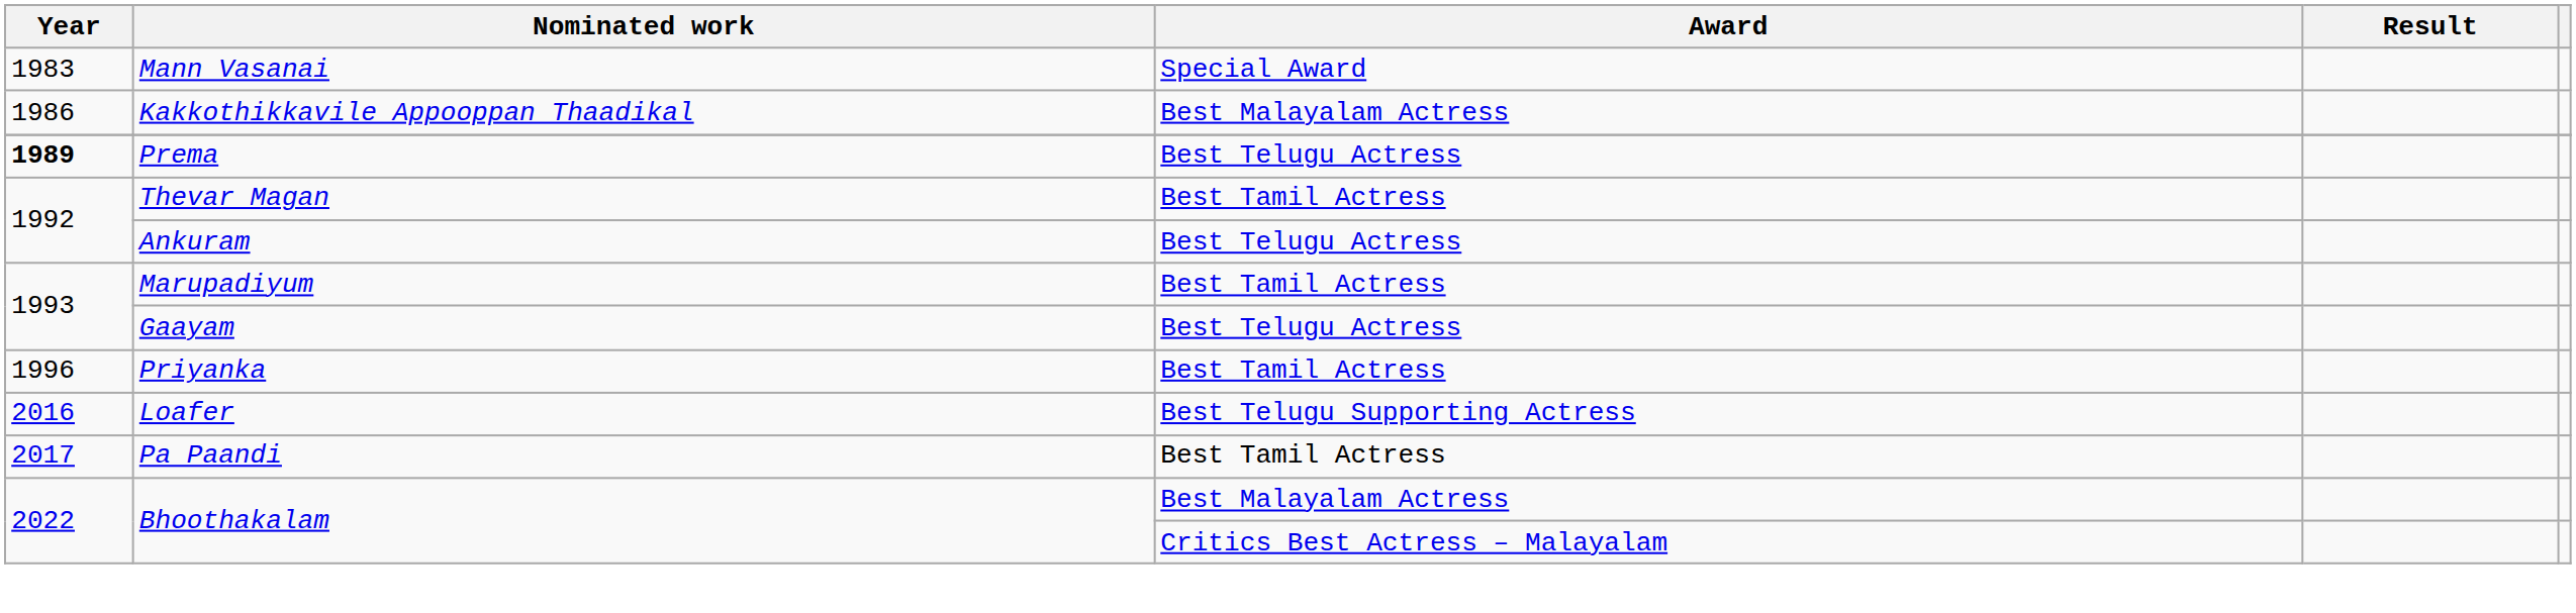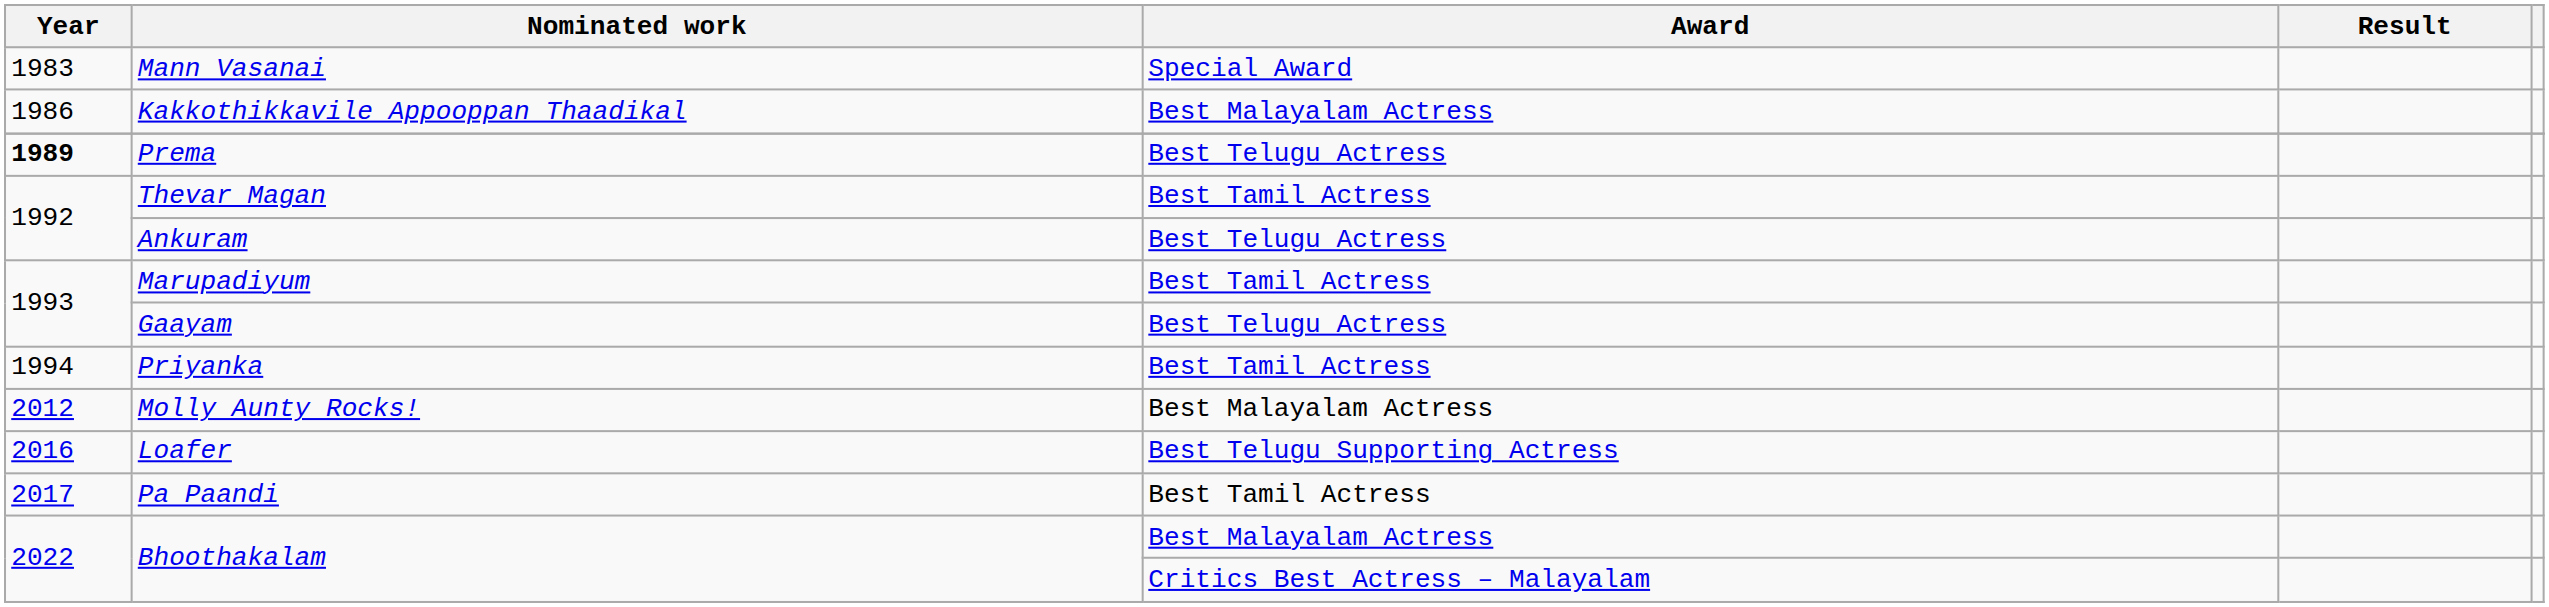 <table class="wikitable" width=100%>
 <tr>
 <th width=5%>Year</th>
 <th width=40%>Nominated work</th>
 <th width=45%>Award</th>
 <th width=10%>Result</th>
 <th width="3%"></th>
 </tr>
 <tr>
 <td>1983</td>
 <td><em><a href='#'>Mann Vasanai</a></em></td>
 <td><a href='#'>Special Award</a></td>
 <td></td>
 <td></td>
 </tr>
 <tr>
 <td>1986</td>
 <td><em><a href='#'>Kakkothikkavile Appooppan Thaadikal</a></em></td>
 <td><a href='#'>Best Malayalam Actress</a></td>
 <td></td>
 <td></td>
 </tr>
 <tr>
 </tr>
 <tr>
 <td><strong>1989</strong></td>
 <td><em><a href='#'>Prema</a></em></td>
 <td><a href='#'>Best Telugu Actress</a></td>
 <td></td>
 <td></td>
 </tr>
 <tr>
 <td rowspan="2">1992</td>
 <td><em><a href='#'>Thevar Magan</a></em></td>
 <td><a href='#'>Best Tamil Actress</a></td>
 <td></td>
 <td></td>
 </tr>
 <tr>
 <td><em><a href='#'>Ankuram</a></em></td>
 <td><a href='#'>Best Telugu Actress</a></td>
 <td></td>
 <td></td>
 </tr>
 <tr>
 <td rowspan="2">1993</td>
 <td><em><a href='#'>Marupadiyum</a></em></td>
 <td><a href='#'>Best Tamil Actress</a></td>
 <td></td>
 <td></td>
 </tr>
 <tr>
 <td><em><a href='#'>Gaayam</a></em></td>
 <td><a href='#'>Best Telugu Actress</a></td>
 <td></td>
 <td></td>
 </tr>
 <tr>
-<td>1996</td>
+<td>1994</td>
 <td><em><a href='#'>Priyanka</a></em></td>
 <td><a href='#'>Best Tamil Actress</a></td>
+<td></td>
+<td></td>
+</tr>
+<tr>
+<td><a href='#'>2012</a></td>
+<td><em><a href='#'>Molly Aunty Rocks!</a></em></td>
+<td>Best Malayalam Actress</td>
 <td></td>
 <td></td>
 </tr>
 <tr>
 <td><a href='#'>2016</a></td>
 <td><em><a href='#'>Loafer</a></em></td>
 <td><a href='#'>Best Telugu Supporting Actress</a></td>
 <td></td>
 <td></td>
 </tr>
 <tr>
 <td><a href='#'>2017</a></td>
 <td><em><a href='#'>Pa Paandi</a></em></td>
 <td>Best Tamil Actress</td>
 <td></td>
 <td></td>
 </tr>
 <tr>
 <td rowspan="2"><a href='#'>2022</a></td>
 <td rowspan="2"><em><a href='#'>Bhoothakalam</a></em></td>
 <td><a href='#'>Best Malayalam Actress</a></td>
 <td></td>
 <td></td>
 </tr>
 <tr>
 <td><a href='#'>Critics Best Actress – Malayalam</a></td>
 <td></td>
 <td></td>
 </tr>
 </table>
